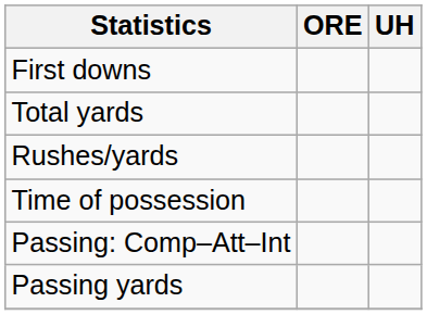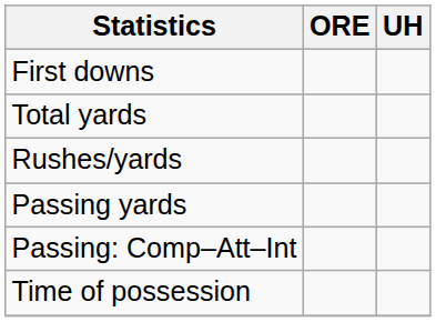 <table class="wikitable" style="float: left;">
 <tr>
 <th>Statistics</th>
 <th>ORE</th>
 <th>UH</th>
 </tr>
 <tr>
 <td>First downs</td>
 <td></td>
 <td></td>
 </tr>
 <tr>
 <td>Total yards</td>
 <td></td>
 <td></td>
 </tr>
 <tr>
 <td>Rushes/yards</td>
 <td></td>
 <td></td>
 </tr>
 <tr>
-<td>Time of possession</td>
+<td>Passing yards</td>
 <td></td>
 <td></td>
 </tr>
 <tr>
 <td>Passing: Comp–Att–Int</td>
 <td></td>
 <td></td>
 </tr>
 <tr>
-<td>Passing yards</td>
+<td>Time of possession</td>
 <td></td>
 <td></td>
 </tr>
 <tr>
 </tr>
 </table>
